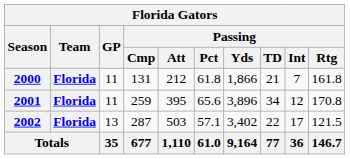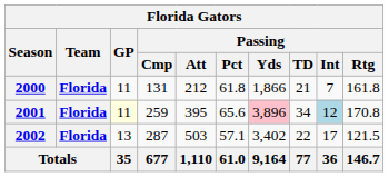 <table class="wikitable" style="text-align:center;">
 <tr>
 <th colspan="13">Florida Gators</th>
 </tr>
 <tr>
 <th rowspan="2">Season</th>
 <th rowspan="2">Team</th>
 <th rowspan="2">GP</th>
 <th colspan="7">Passing</th>
 </tr>
 <tr>
 <th>Cmp</th>
 <th>Att</th>
 <th>Pct</th>
 <th>Yds</th>
 <th>TD</th>
 <th>Int</th>
 <th>Rtg</th>
 </tr>
 <tr>
 <th><a href='#'>2000</a></th>
 <th><a href='#'>Florida</a></th>
 <td>11</td>
 <td>131</td>
 <td>212</td>
 <td>61.8</td>
 <td>1,866</td>
 <td>21</td>
 <td>7</td>
 <td>161.8</td>
 </tr>
 <tr>
 <th><a href='#'>2001</a></th>
 <th><a href='#'>Florida</a></th>
-<td>11</td>
+<td style="background: lightyellow;">11</td>
 <td>259</td>
 <td>395</td>
 <td>65.6</td>
-<td>3,896</td>
+<td style="background: pink;">3,896</td>
 <td>34</td>
-<td>12</td>
+<td style="background: lightblue;">12</td>
 <td>170.8</td>
 </tr>
 <tr>
 <th><a href='#'>2002</a></th>
 <th><a href='#'>Florida</a></th>
 <td>13</td>
 <td>287</td>
 <td>503</td>
 <td>57.1</td>
 <td>3,402</td>
 <td>22</td>
 <td>17</td>
 <td>121.5</td>
 </tr>
 <tr>
 <th colspan="2">Totals</th>
 <th>35</th>
 <th>677</th>
 <th>1,110</th>
 <th>61.0</th>
 <th>9,164</th>
 <th>77</th>
 <th>36</th>
 <th>146.7</th>
 </tr>
 </table>
